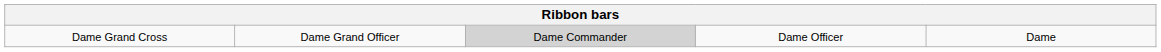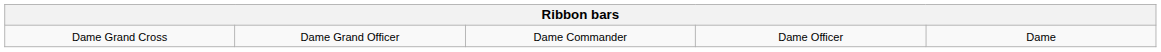 <table class="wikitable" style="margin:1em auto; text-align:center; width:70%;">
 <tr>
 <th colspan=5>Ribbon bars</th>
 </tr>
 <tr style="vertical-align:top;">
 <td width=20%><small>Dame Grand Cross</small></td>
 <td width=20%><small>Dame Grand Officer</small></td>
-<td width=20% style="background: lightgrey;"><small>Dame Commander</small></td>
+<td width=20%><small>Dame Commander</small></td>
 <td width=20%><small>Dame Officer</small></td>
 <td width=20%><small>Dame</small></td>
 </tr>
 </table>
